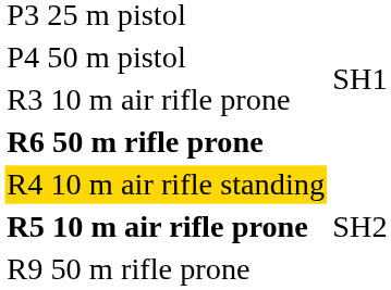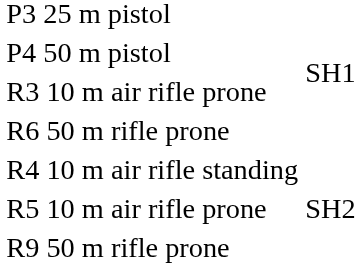 <table>
 <tr>
 <td>P3 25 m pistol</td>
 <td rowspan=4>SH1</td>
 <td></td>
 <td></td>
 <td></td>
 </tr>
 <tr>
 <td>P4 50 m pistol</td>
 <td></td>
 <td></td>
 <td></td>
 </tr>
 <tr>
 <td>R3 10 m air rifle prone</td>
 <td></td>
 <td></td>
 <td></td>
 </tr>
 <tr>
-<td><strong>R6 50 m rifle prone</strong></td>
+<td>R6 50 m rifle prone</td>
 <td></td>
 <td></td>
 <td></td>
 </tr>
 <tr>
-<td style="background: gold;">R4 10 m air rifle standing</td>
+<td>R4 10 m air rifle standing</td>
 <td rowspan=3>SH2</td>
 <td></td>
 <td></td>
 <td></td>
 </tr>
 <tr>
-<td><strong>R5 10 m air rifle prone</strong></td>
+<td>R5 10 m air rifle prone</td>
 <td></td>
 <td></td>
 <td></td>
 </tr>
 <tr>
 <td>R9 50 m rifle prone</td>
 <td></td>
 <td></td>
 <td></td>
 </tr>
 </table>
